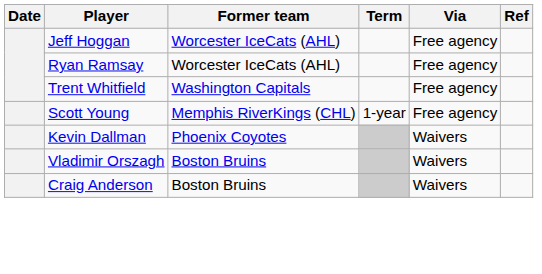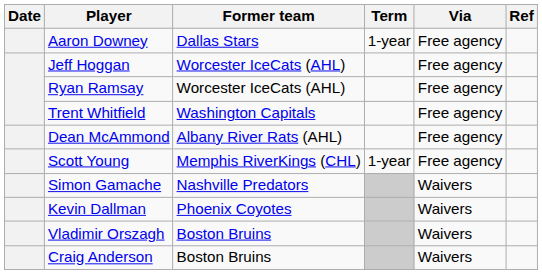 <table class="wikitable plainrowheaders">
 <tr style="background:#ddd; text-align:center;">
 <th>Date</th>
 <th>Player</th>
 <th>Former team</th>
 <th>Term</th>
 <th>Via</th>
 <th>Ref</th>
+</tr>
+<tr>
+<th scope="row"></th>
+<td><a href='#'>Aaron Downey</a></td>
+<td><a href='#'>Dallas Stars</a></td>
+<td>1-year</td>
+<td>Free agency</td>
+<td></td>
 </tr>
 <tr>
 <th scope="row" rowspan=3></th>
 <td><a href='#'>Jeff Hoggan</a></td>
 <td><a href='#'>Worcester IceCats</a> (<a href='#'>AHL</a>)</td>
 <td></td>
 <td>Free agency</td>
 <td></td>
 </tr>
 <tr>
 <td><a href='#'>Ryan Ramsay</a></td>
 <td>Worcester IceCats (AHL)</td>
 <td></td>
 <td>Free agency</td>
 <td></td>
 </tr>
 <tr>
 <td><a href='#'>Trent Whitfield</a></td>
 <td><a href='#'>Washington Capitals</a></td>
 <td></td>
 <td>Free agency</td>
 <td></td>
 </tr>
 <tr>
 <th scope="row"></th>
+<td><a href='#'>Dean McAmmond</a></td>
+<td><a href='#'>Albany River Rats</a> (AHL)</td>
+<td></td>
+<td>Free agency</td>
+<td></td>
+</tr>
+<tr>
+<th scope="row"></th>
 <td><a href='#'>Scott Young</a></td>
 <td><a href='#'>Memphis RiverKings</a> (<a href='#'>CHL</a>)</td>
 <td>1-year</td>
 <td>Free agency</td>
+<td></td>
+</tr>
+<tr>
+<th scope="row"></th>
+<td><a href='#'>Simon Gamache</a></td>
+<td><a href='#'>Nashville Predators</a></td>
+<td style="background:#ccc"></td>
+<td>Waivers</td>
 <td></td>
 </tr>
 <tr>
 <th scope="row"></th>
 <td><a href='#'>Kevin Dallman</a></td>
 <td><a href='#'>Phoenix Coyotes</a></td>
 <td style="background:#ccc"></td>
 <td>Waivers</td>
 <td></td>
 </tr>
 <tr>
 <th scope="row"></th>
 <td><a href='#'>Vladimir Orszagh</a></td>
 <td><a href='#'>Boston Bruins</a></td>
 <td style="background:#ccc"></td>
 <td>Waivers</td>
 <td></td>
 </tr>
 <tr>
 <th scope="row"></th>
 <td><a href='#'>Craig Anderson</a></td>
 <td>Boston Bruins</td>
 <td style="background:#ccc"></td>
 <td>Waivers</td>
 <td></td>
 </tr>
 </table>
